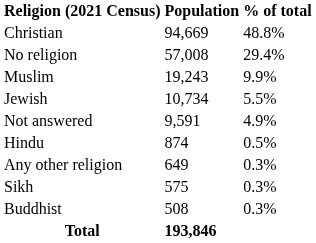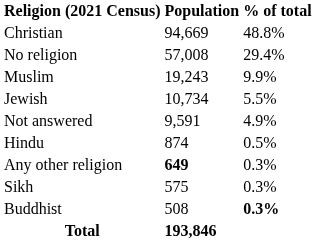 <table>
 <tr>
 <th>Religion (2021 Census)</th>
 <th>Population</th>
 <th>% of total</th>
 </tr>
 <tr>
 <td>Christian</td>
 <td>94,669</td>
 <td>48.8%</td>
 </tr>
 <tr>
 <td>No religion</td>
 <td>57,008</td>
 <td>29.4%</td>
 </tr>
 <tr>
 <td>Muslim</td>
 <td>19,243</td>
 <td>9.9%</td>
 </tr>
 <tr>
 <td>Jewish</td>
 <td>10,734</td>
 <td>5.5%</td>
 </tr>
 <tr>
 <td>Not answered</td>
 <td>9,591</td>
 <td>4.9%</td>
 </tr>
 <tr>
 <td>Hindu</td>
 <td>874</td>
 <td>0.5%</td>
 </tr>
 <tr>
 <td>Any other religion</td>
-<td>649</td>
+<td><strong>649</strong></td>
 <td>0.3%</td>
 </tr>
 <tr>
 <td>Sikh</td>
 <td>575</td>
 <td>0.3%</td>
 </tr>
 <tr>
 <td>Buddhist</td>
 <td>508</td>
-<td>0.3%</td>
+<td><strong>0.3%</strong></td>
 </tr>
 <tr>
 <th>Total</th>
 <td><strong>193,846</strong></td>
 <td></td>
 </tr>
 <tr>
 </tr>
 </table>
